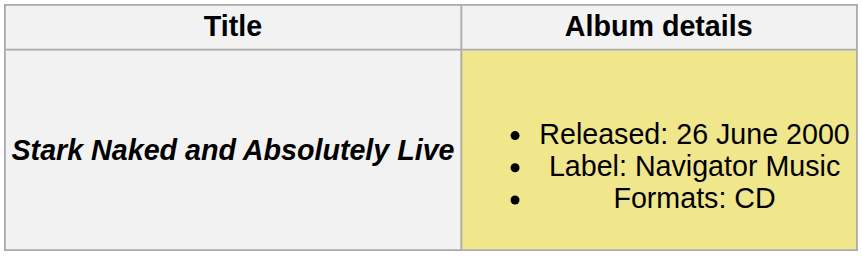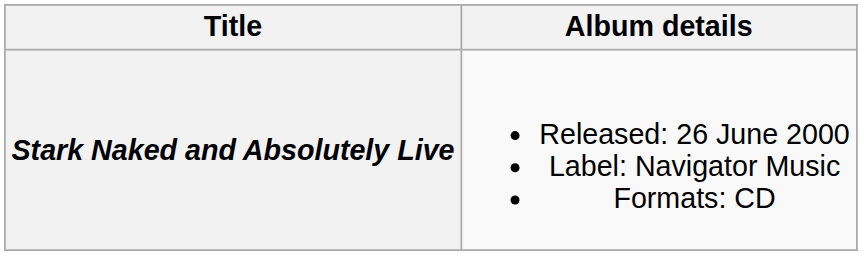 <table class="wikitable plainrowheaders" style="text-align:center;">
 <tr>
 <th scope="col">Title</th>
 <th scope="col">Album details</th>
 </tr>
 <tr>
 <th scope="row"><em>Stark Naked and Absolutely Live</em></th>
-<td style="background: khaki;"><br><ul><li>Released: 26 June 2000</li><li>Label: Navigator Music</li><li>Formats: CD</li></ul></td>
+<td><br><ul><li>Released: 26 June 2000</li><li>Label: Navigator Music</li><li>Formats: CD</li></ul></td>
 </tr>
 </table>
